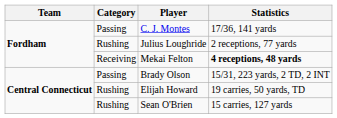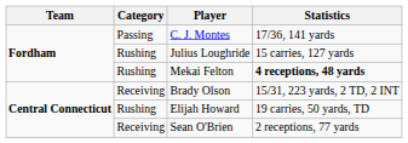 <table class="wikitable" style="float: right;">
 <tr>
 <th>Team</th>
 <th>Category</th>
 <th>Player</th>
 <th>Statistics</th>
 </tr>
 <tr>
 <td rowspan=3><strong>Fordham</strong></td>
 <td>Passing</td>
 <td><a href='#'>C. J. Montes</a></td>
 <td>17/36, 141 yards</td>
 </tr>
 <tr>
 <td>Rushing</td>
 <td>Julius Loughride</td>
-<td>2 receptions, 77 yards</td>
+<td>15 carries, 127 yards</td>
 </tr>
 <tr>
-<td>Receiving</td>
+<td>Rushing</td>
 <td>Mekai Felton</td>
 <td><strong>4 receptions, 48 yards</strong></td>
 </tr>
 <tr>
 <td rowspan=3><strong>Central Connecticut</strong></td>
-<td>Passing</td>
+<td>Receiving</td>
 <td>Brady Olson</td>
 <td>15/31, 223 yards, 2 TD, 2 INT</td>
 </tr>
 <tr>
 <td>Rushing</td>
 <td>Elijah Howard</td>
 <td>19 carries, 50 yards, TD</td>
 </tr>
 <tr>
-<td>Rushing</td>
+<td>Receiving</td>
 <td>Sean O'Brien</td>
-<td>15 carries, 127 yards</td>
+<td>2 receptions, 77 yards</td>
 </tr>
 </table>
